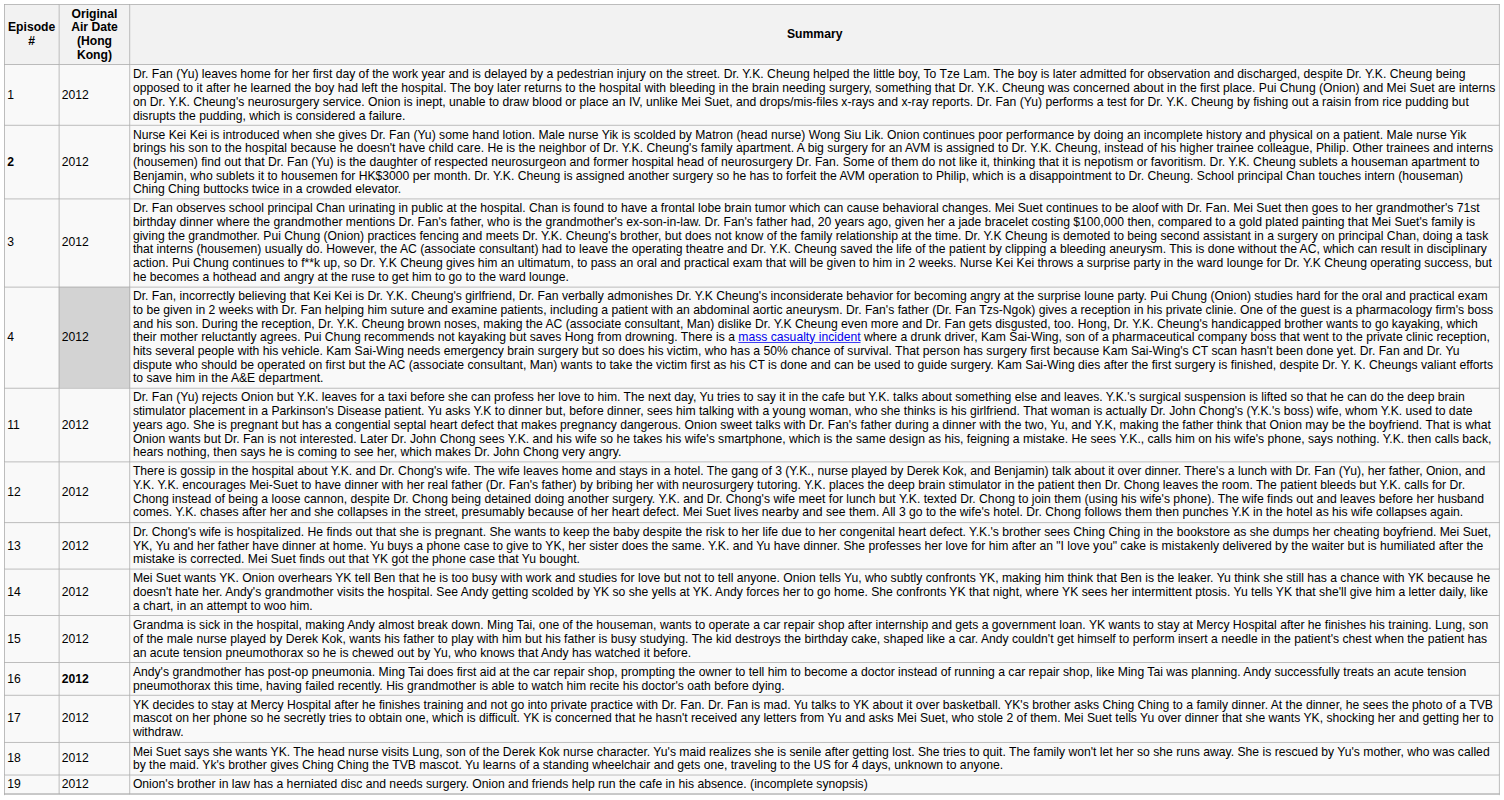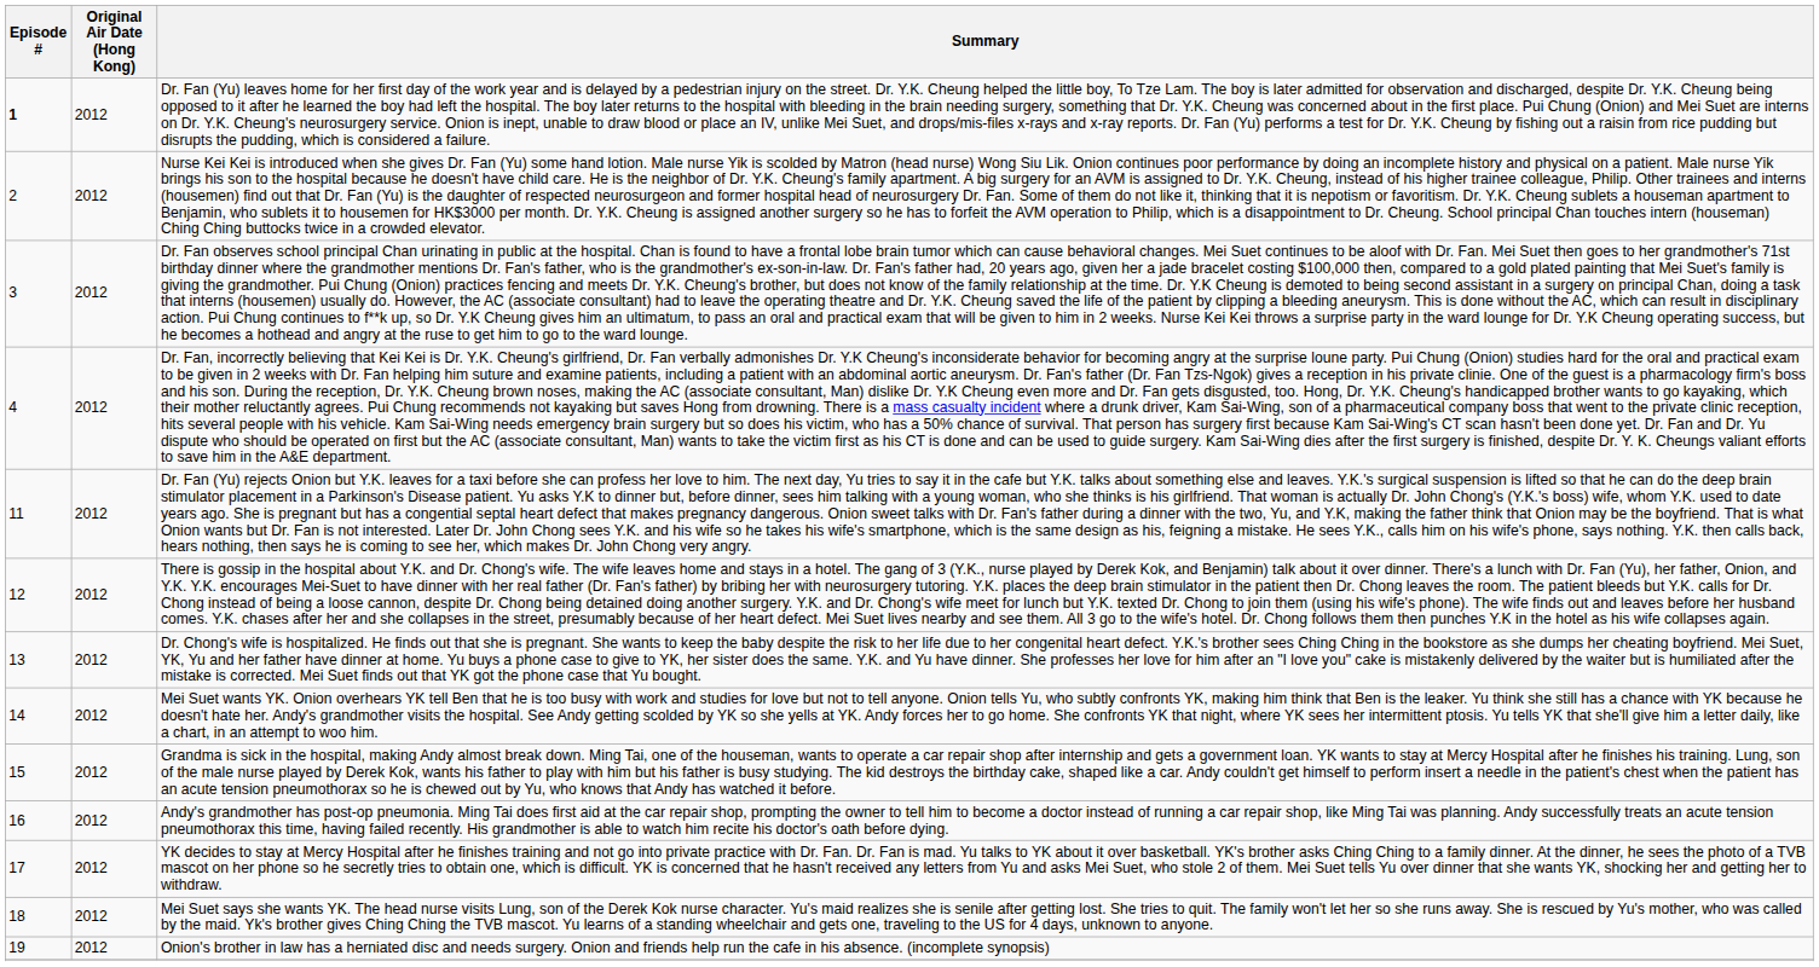 <table class="wikitable">
 <tr>
 <th>Episode #</th>
 <th>Original Air Date (Hong Kong)</th>
 <th>Summary</th>
 </tr>
 <tr>
-<td>1</td>
+<td><strong>1</strong></td>
 <td>2012</td>
 <td>Dr. Fan (Yu) leaves home for her first day of the work year and is delayed by a pedestrian injury on the street. Dr. Y.K. Cheung helped the little boy, To Tze Lam. The boy is later admitted for observation and discharged, despite Dr. Y.K. Cheung being opposed to it after he learned the boy had left the hospital. The boy later returns to the hospital with bleeding in the brain needing surgery, something that Dr. Y.K. Cheung was concerned about in the first place. Pui Chung (Onion) and Mei Suet are interns on Dr. Y.K. Cheung's neurosurgery service. Onion is inept, unable to draw blood or place an IV, unlike Mei Suet, and drops/mis-files x-rays and x-ray reports. Dr. Fan (Yu) performs a test for Dr. Y.K. Cheung by fishing out a raisin from rice pudding but disrupts the pudding, which is considered a failure.</td>
 </tr>
 <tr>
-<td><strong>2</strong></td>
+<td>2</td>
 <td>2012</td>
 <td>Nurse Kei Kei is introduced when she gives Dr. Fan (Yu) some hand lotion. Male nurse Yik is scolded by Matron (head nurse) Wong Siu Lik. Onion continues poor performance by doing an incomplete history and physical on a patient. Male nurse Yik brings his son to the hospital because he doesn't have child care. He is the neighbor of Dr. Y.K. Cheung's family apartment. A big surgery for an AVM is assigned to Dr. Y.K. Cheung, instead of his higher trainee colleague, Philip. Other trainees and interns (housemen) find out that Dr. Fan (Yu) is the daughter of respected neurosurgeon and former hospital head of neurosurgery Dr. Fan. Some of them do not like it, thinking that it is nepotism or favoritism. Dr. Y.K. Cheung sublets a houseman apartment to Benjamin, who sublets it to housemen for HK$3000 per month. Dr. Y.K. Cheung is assigned another surgery so he has to forfeit the AVM operation to Philip, which is a disappointment to Dr. Cheung. School principal Chan touches intern (houseman) Ching Ching buttocks twice in a crowded elevator.</td>
 </tr>
 <tr>
 <td>3</td>
 <td>2012</td>
 <td>Dr. Fan observes school principal Chan urinating in public at the hospital. Chan is found to have a frontal lobe brain tumor which can cause behavioral changes. Mei Suet continues to be aloof with Dr. Fan. Mei Suet then goes to her grandmother's 71st birthday dinner where the grandmother mentions Dr. Fan's father, who is the grandmother's ex-son-in-law. Dr. Fan's father had, 20 years ago, given her a jade bracelet costing $100,000 then, compared to a gold plated painting that Mei Suet's family is giving the grandmother. Pui Chung (Onion) practices fencing and meets Dr. Y.K. Cheung's brother, but does not know of the family relationship at the time. Dr. Y.K Cheung is demoted to being second assistant in a surgery on principal Chan, doing a task that interns (housemen) usually do. However, the AC (associate consultant) had to leave the operating theatre and Dr. Y.K. Cheung saved the life of the patient by clipping a bleeding aneurysm. This is done without the AC, which can result in disciplinary action. Pui Chung continues to f**k up, so Dr. Y.K Cheung gives him an ultimatum, to pass an oral and practical exam that will be given to him in 2 weeks. Nurse Kei Kei throws a surprise party in the ward lounge for Dr. Y.K Cheung operating success, but he becomes a hothead and angry at the ruse to get him to go to the ward lounge.</td>
 </tr>
 <tr>
 <td>4</td>
-<td style="background: lightgrey;">2012</td>
+<td>2012</td>
 <td>Dr. Fan, incorrectly believing that Kei Kei is Dr. Y.K. Cheung's girlfriend, Dr. Fan verbally admonishes Dr. Y.K Cheung's inconsiderate behavior for becoming angry at the surprise loune party. Pui Chung (Onion) studies hard for the oral and practical exam to be given in 2 weeks with Dr. Fan helping him suture and examine patients, including a patient with an abdominal aortic aneurysm. Dr. Fan's father (Dr. Fan Tzs-Ngok) gives a reception in his private clinie. One of the guest is a pharmacology firm's boss and his son. During the reception, Dr. Y.K. Cheung brown noses, making the AC (associate consultant, Man) dislike Dr. Y.K Cheung even more and Dr. Fan gets disgusted, too.  Hong, Dr. Y.K. Cheung's handicapped brother wants to go kayaking, which their mother reluctantly agrees. Pui Chung recommends not kayaking but saves Hong from drowning. There is a <a href='#'>mass casualty incident</a> where a drunk driver, Kam Sai-Wing, son of a pharmaceutical company boss that went to the private clinic reception, hits several people with his vehicle. Kam Sai-Wing needs emergency brain surgery but so does his victim, who has a 50% chance of survival. That person has surgery first because Kam Sai-Wing's CT scan hasn't been done yet. Dr. Fan and Dr. Yu dispute who should be operated on first but the AC (associate consultant, Man) wants to take the victim first as his CT is done and can be used to guide surgery. Kam Sai-Wing dies after the first surgery is finished, despite Dr. Y. K. Cheungs valiant efforts to save him in the A&E department.</td>
 </tr>
 <tr>
 <td>11</td>
 <td>2012</td>
 <td>Dr. Fan (Yu) rejects Onion but Y.K. leaves for a taxi before she can profess her love to him. The next day, Yu tries to say it in the cafe but Y.K. talks about something else and leaves. Y.K.'s surgical suspension is lifted so that he can do the deep brain stimulator placement in a Parkinson's Disease patient. Yu asks Y.K to dinner but, before dinner, sees him talking with a young woman, who she thinks is his girlfriend. That woman is actually Dr. John Chong's (Y.K.'s boss) wife, whom Y.K. used to date years ago. She is pregnant but has a congential septal heart defect that makes pregnancy dangerous. Onion sweet talks with Dr. Fan's father during a dinner with the two, Yu, and Y.K, making the father think that Onion may be the boyfriend. That is what Onion wants but Dr. Fan is not interested. Later Dr. John Chong sees Y.K. and his wife so he takes his wife's smartphone, which is the same design as his, feigning a mistake. He sees Y.K., calls him on his wife's phone, says nothing. Y.K. then calls back, hears nothing, then says he is coming to see her, which makes Dr. John Chong very angry.</td>
 </tr>
 <tr>
 <td>12</td>
 <td>2012</td>
 <td>There is gossip in the hospital about Y.K. and Dr. Chong's wife. The wife leaves home and stays in a hotel. The gang of 3 (Y.K., nurse played by Derek Kok, and Benjamin) talk about it over dinner. There's a lunch with Dr. Fan (Yu), her father, Onion, and Y.K.  Y.K. encourages Mei-Suet to have dinner with her real father (Dr. Fan's father) by bribing her with neurosurgery tutoring. Y.K. places the deep brain stimulator in the patient then Dr. Chong leaves the room. The patient bleeds but Y.K. calls for Dr. Chong instead of being a loose cannon, despite Dr. Chong being detained doing another surgery. Y.K. and Dr. Chong's wife meet for lunch but Y.K. texted Dr. Chong to join them (using his wife's phone). The wife finds out and leaves before her husband comes. Y.K. chases after her and she collapses in the street, presumably because of her heart defect. Mei Suet lives nearby and see them. All 3 go to the wife's hotel. Dr. Chong follows them then punches Y.K in the hotel as his wife collapses again.</td>
 </tr>
 <tr>
 <td>13</td>
 <td>2012</td>
 <td>Dr. Chong's wife is hospitalized. He finds out that she is pregnant. She wants to keep the baby despite the risk to her life due to her congenital heart defect. Y.K.'s brother sees Ching Ching in the bookstore as she dumps her cheating boyfriend. Mei Suet, YK, Yu and her father have dinner at home. Yu buys a phone case to give to YK, her sister does the same. Y.K. and Yu have dinner. She professes her love for him after an "I love you" cake is mistakenly delivered by the waiter but is humiliated after the mistake is corrected.  Mei Suet finds out that YK got the phone case that Yu bought.</td>
 </tr>
 <tr>
 <td>14</td>
 <td>2012</td>
 <td>Mei Suet wants YK. Onion overhears YK tell Ben that he is too busy with work and studies for love but not to tell anyone. Onion tells Yu, who subtly confronts YK, making him think that Ben is the leaker. Yu think she still has a chance with YK because he doesn't hate her. Andy's grandmother visits the hospital. See Andy getting scolded by YK so she yells at YK. Andy forces her to go home. She confronts YK that night, where YK sees her intermittent ptosis. Yu tells YK that she'll give him a letter daily, like a chart, in an attempt to woo him.</td>
 </tr>
 <tr>
 <td>15</td>
 <td>2012</td>
 <td>Grandma is sick in the hospital, making Andy almost break down. Ming Tai, one of the houseman, wants to operate a car repair shop after internship and gets a government loan.  YK wants to stay at Mercy Hospital after he finishes his training. Lung, son of the male nurse played by Derek Kok, wants his father to play with him but his father is busy studying. The kid destroys the birthday cake, shaped like a car. Andy couldn't get himself to perform insert a needle in the patient's chest when the patient has an acute tension pneumothorax so he is chewed out by Yu, who knows that Andy has watched it before.</td>
 </tr>
 <tr>
 <td>16</td>
-<td><strong>2012</strong></td>
+<td>2012</td>
 <td>Andy's grandmother has post-op pneumonia. Ming Tai does first aid at the car repair shop, prompting the owner to tell him to become a doctor instead of running a car repair shop, like Ming Tai was planning. Andy successfully treats an acute tension pneumothorax this time, having failed recently. His grandmother is able to watch him recite his doctor's oath before dying.</td>
 </tr>
 <tr>
 <td>17</td>
 <td>2012</td>
 <td>YK decides to stay at Mercy Hospital after he finishes training and not go into private practice with Dr. Fan. Dr. Fan is mad. Yu talks to YK about it over basketball. YK's brother asks Ching Ching to a family dinner. At the dinner, he sees the photo of a TVB mascot on her phone so he secretly tries to obtain one, which is difficult. YK is concerned that he hasn't received any letters from Yu and asks Mei Suet, who stole 2 of them. Mei Suet tells Yu over dinner that she wants YK, shocking her and getting her to withdraw.</td>
 </tr>
 <tr>
 <td>18</td>
 <td>2012</td>
 <td>Mei Suet says she wants YK. The head nurse visits Lung, son of the Derek Kok nurse character. Yu's maid realizes she is senile after getting lost. She tries to quit. The family won't let her so she runs away. She is rescued by Yu's mother, who was called by the maid. Yk's brother gives Ching Ching the TVB mascot. Yu learns of a standing wheelchair and gets one, traveling to the US for 4 days, unknown to anyone.</td>
 </tr>
 <tr>
 <td>19</td>
 <td>2012</td>
 <td>Onion's brother in law has a herniated disc and needs surgery. Onion and friends help run the cafe in his absence. (incomplete synopsis)</td>
 </tr>
 <tr>
 </tr>
 <tr>
 </tr>
 </table>
